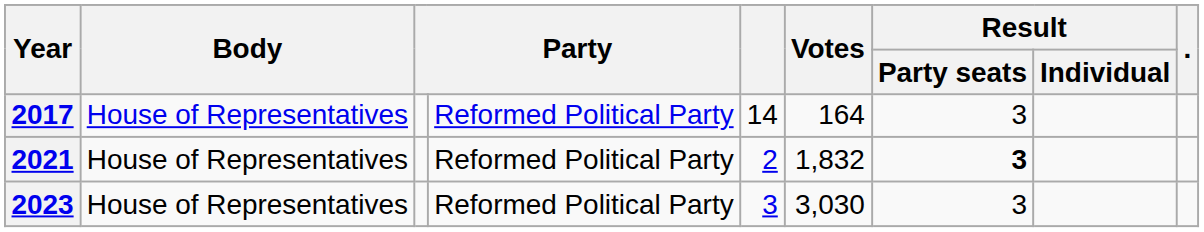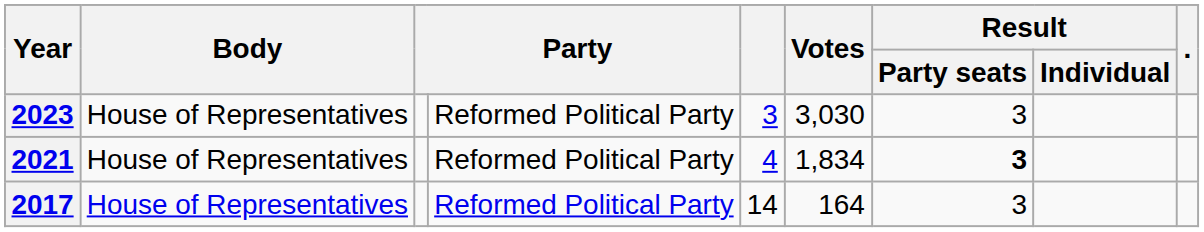 <table class="wikitable plainrowheaders sortable" border=2 cellpadding=4 cellspacing=0 style="border: 1px #aaa solid; font-size: 90%; text-align:center;">
 <tr>
 <th scope="col" rowspan=2>Year</th>
 <th scope="col" rowspan=2>Body</th>
 <th scope="col" colspan=2 rowspan=2>Party</th>
 <th scope="col" rowspan=2></th>
 <th scope="col" rowspan=2>Votes</th>
 <th scope="colgroup" colspan=2>Result</th>
 <th scope="col" rowspan=2 class="unsortable">.</th>
 </tr>
 <tr>
 <th scope="col">Party seats</th>
 <th scope="col">Individual</th>
 </tr>
 <tr>
+<th scope="row"><a href='#'>2023</a></th>
+<td>House of Representatives</td>
+<td style="background-color:"></td>
+<td>Reformed Political Party</td>
+<td style=text-align:right><a href='#'>3</a></td>
+<td style=text-align:right>3,030</td>
+<td style=text-align:right>3</td>
+<td></td>
+<td></td>
+</tr>
+<tr>
+<th scope="row"><a href='#'>2021</a></th>
+<td>House of Representatives</td>
+<td style="background-color:"></td>
+<td>Reformed Political Party</td>
+<td style=text-align:right><a href='#'>4</a></td>
+<td style=text-align:right>1,834</td>
+<td style=text-align:right><strong>3</strong></td>
+<td></td>
+<td></td>
+</tr>
+<tr>
 <th scope="row"><a href='#'>2017</a></th>
 <td><a href='#'>House of Representatives</a></td>
 <td style="background-color:"></td>
 <td><a href='#'>Reformed Political Party</a></td>
 <td style=text-align:right>14</td>
 <td style=text-align:right>164</td>
 <td style=text-align:right>3</td>
 <td></td>
 <td></td>
 </tr>
-<tr>
-<th scope="row"><a href='#'>2021</a></th>
-<td>House of Representatives</td>
-<td style="background-color:"></td>
-<td>Reformed Political Party</td>
-<td style=text-align:right><a href='#'>2</a></td>
-<td style=text-align:right>1,832</td>
-<td style=text-align:right><strong>3</strong></td>
-<td></td>
-<td></td>
-</tr>
-<tr>
-<th scope="row"><a href='#'>2023</a></th>
-<td>House of Representatives</td>
-<td style="background-color:"></td>
-<td>Reformed Political Party</td>
-<td style=text-align:right><a href='#'>3</a></td>
-<td style=text-align:right>3,030</td>
-<td style=text-align:right>3</td>
-<td></td>
-<td></td>
-</tr>
 </table>
